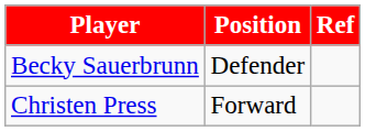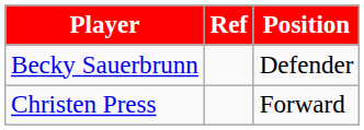 <table class=wikitable>
 <tr>
 <th style="background:#FF0000; color:white;">Player</th>
+<th style="background:#FF0000; color:white;">Ref</th>
 <th style="background:#FF0000; color:white;">Position</th>
-<th style="background:#FF0000; color:white;">Ref</th>
 </tr>
 <tr>
 <td> <a href='#'>Becky Sauerbrunn</a></td>
+<td></td>
 <td>Defender</td>
-<td></td>
 </tr>
 <tr>
 <td> <a href='#'>Christen Press</a></td>
+<td></td>
 <td>Forward</td>
-<td></td>
 </tr>
 </table>
